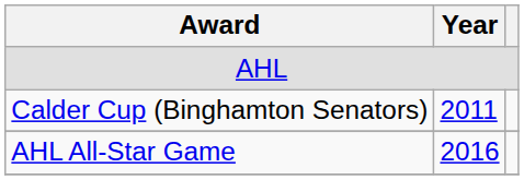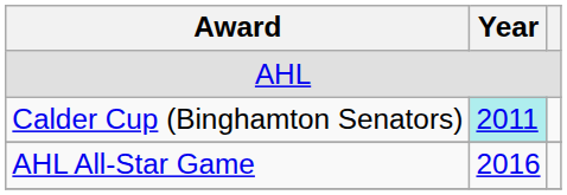 <table class="wikitable">
 <tr>
 <th>Award</th>
 <th>Year</th>
 <th></th>
 </tr>
 <tr ALIGN="center" bgcolor="#e0e0e0">
 <td colspan="3"><a href='#'>AHL</a></td>
 </tr>
 <tr>
 <td><a href='#'>Calder Cup</a> (Binghamton Senators)</td>
-<td><a href='#'>2011</a></td>
+<td style="background: paleturquoise;"><a href='#'>2011</a></td>
 <td></td>
 </tr>
 <tr>
 </tr>
 <tr>
 <td><a href='#'>AHL All-Star Game</a></td>
 <td><a href='#'>2016</a></td>
 <td></td>
 </tr>
 <tr>
 </tr>
 </table>
